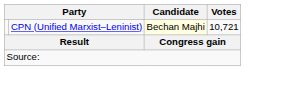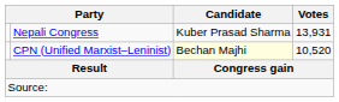 <table class="wikitable">
 <tr>
 <th colspan="2">Party</th>
 <th>Candidate</th>
 <th>Votes</th>
 </tr>
 <tr>
 <td style="background-color:"></td>
+<td><a href='#'>Nepali Congress</a></td>
+<td>Kuber Prasad Sharma</td>
+<td>13,931</td>
+</tr>
+<tr>
+<td style="background-color:"></td>
 <td><a href='#'>CPN (Unified Marxist–Leninist)</a></td>
 <td style="background: lightyellow;">Bechan Majhi</td>
-<td>10,721</td>
+<td>10,520</td>
 </tr>
 <tr>
 <th colspan="2">Result</th>
 <th colspan="2">Congress gain</th>
 </tr>
 <tr>
 <td colspan="4">Source: </td>
 </tr>
 </table>
